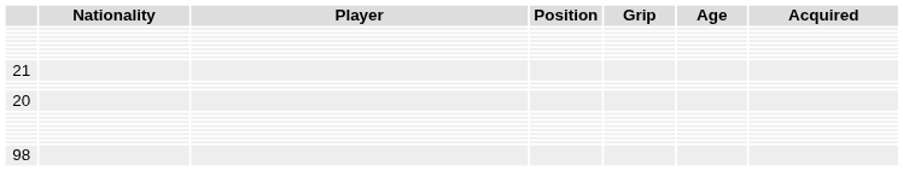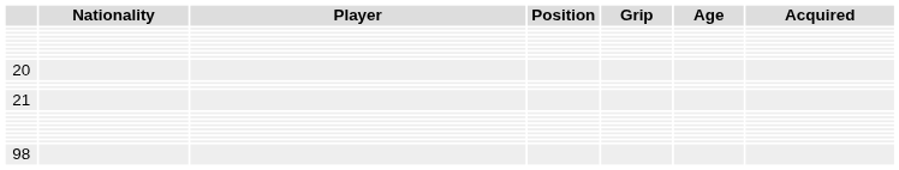 <table class="sortable" style="background:transparent;align:center">
 <tr style="background-color:#dddddd;">
 <th width=30em data-sort-type="number"></th>
 <th width=150em>Nationality</th>
 <th width=350em>Player</th>
 <th width=70em>Position</th>
 <th width=70em>Grip</th>
 <th width=70em>Age</th>
 <th width=150em>Acquired</th>
 </tr>
 <tr style="text-align:center;background-color:#eeeeee">
 <td></td>
 <td style="text-align:left;padding-left:1em;"></td>
 <td style="text-align:left;padding-left:1em;"></td>
 <td></td>
 <td></td>
 <td></td>
 <td></td>
 </tr>
 <tr style="text-align:center;background-color:#eeeeee">
 <td></td>
 <td style="text-align:left;padding-left:1em;"></td>
 <td style="text-align:left;padding-left:1em;"></td>
 <td></td>
 <td></td>
 <td></td>
 <td></td>
 </tr>
 <tr style="text-align:center;background-color:#eeeeee">
 <td></td>
 <td style="text-align:left;padding-left:1em;"></td>
 <td style="text-align:left;padding-left:1em;"></td>
 <td></td>
 <td></td>
 <td></td>
 <td></td>
 </tr>
 <tr style="text-align:center;background-color:#eeeeee">
 <td></td>
 <td style="text-align:left;padding-left:1em;"></td>
 <td style="text-align:left;padding-left:1em;"></td>
 <td></td>
 <td></td>
 <td></td>
 <td></td>
 </tr>
 <tr style="text-align:center;background-color:#eeeeee">
 <td></td>
 <td style="text-align:left;padding-left:1em;"></td>
 <td style="text-align:left;padding-left:1em;"></td>
 <td></td>
 <td></td>
 <td></td>
 <td></td>
 </tr>
 <tr style="text-align:center;background-color:#eeeeee">
 <td></td>
 <td style="text-align:left;padding-left:1em;"></td>
 <td style="text-align:left;padding-left:1em;"></td>
 <td></td>
 <td></td>
 <td></td>
 <td></td>
 </tr>
 <tr style="text-align:center;background-color:#eeeeee">
 <td></td>
 <td style="text-align:left;padding-left:1em;"></td>
 <td style="text-align:left;padding-left:1em;"></td>
 <td></td>
 <td></td>
 <td></td>
 <td></td>
 </tr>
 <tr style="text-align:center;background-color:#eeeeee">
 <td></td>
 <td style="text-align:left;padding-left:1em;"></td>
 <td style="text-align:left;padding-left:1em;"></td>
 <td></td>
 <td></td>
 <td></td>
 <td></td>
 </tr>
 <tr style="text-align:center;background-color:#eeeeee">
-<td>21</td>
+<td>20</td>
 <td style="text-align:left;padding-left:1em;"></td>
 <td style="text-align:left;padding-left:1em;"></td>
 <td></td>
 <td></td>
 <td></td>
 <td></td>
 </tr>
 <tr style="text-align:center;background-color:#eeeeee">
 <td></td>
 <td style="text-align:left;padding-left:1em;"></td>
 <td style="text-align:left;padding-left:1em;"></td>
 <td></td>
 <td></td>
 <td></td>
 <td></td>
 </tr>
 <tr style="text-align:center;background-color:#eeeeee">
 <td></td>
 <td style="text-align:left;padding-left:1em;"></td>
 <td style="text-align:left;padding-left:1em;"></td>
 <td></td>
 <td></td>
 <td></td>
 <td></td>
 </tr>
 <tr style="text-align:center;background-color:#eeeeee">
-<td>20</td>
+<td>21</td>
 <td style="text-align:left;padding-left:1em;"></td>
 <td style="text-align:left;padding-left:1em;"></td>
 <td></td>
 <td></td>
 <td></td>
 <td></td>
 </tr>
 <tr style="text-align:center;background-color:#eeeeee">
 <td></td>
 <td style="text-align:left;padding-left:1em;"></td>
 <td style="text-align:left;padding-left:1em;"></td>
 <td></td>
 <td></td>
 <td></td>
 <td></td>
 </tr>
 <tr style="text-align:center;background-color:#eeeeee">
 <td></td>
 <td style="text-align:left;padding-left:1em;"></td>
 <td style="text-align:left;padding-left:1em;"></td>
 <td></td>
 <td></td>
 <td></td>
 <td></td>
 </tr>
 <tr style="text-align:center;background-color:#eeeeee">
 <td></td>
 <td style="text-align:left;padding-left:1em;"></td>
 <td style="text-align:left;padding-left:1em;"></td>
 <td></td>
 <td></td>
 <td></td>
 <td></td>
 </tr>
 <tr style="text-align:center;background-color:#eeeeee">
 <td></td>
 <td style="text-align:left;padding-left:1em;"></td>
 <td style="text-align:left;padding-left:1em;"></td>
 <td></td>
 <td></td>
 <td></td>
 <td></td>
 </tr>
 <tr style="text-align:center;background-color:#eeeeee">
 <td></td>
 <td style="text-align:left;padding-left:1em;"></td>
 <td style="text-align:left;padding-left:1em;"></td>
 <td></td>
 <td></td>
 <td></td>
 <td></td>
 </tr>
 <tr style="text-align:center;background-color:#eeeeee">
 <td></td>
 <td style="text-align:left;padding-left:1em;"></td>
 <td style="text-align:left;padding-left:1em;"></td>
 <td></td>
 <td></td>
 <td></td>
 <td></td>
 </tr>
 <tr style="text-align:center;background-color:#eeeeee">
 <td></td>
 <td style="text-align:left;padding-left:1em;"></td>
 <td style="text-align:left;padding-left:1em;"></td>
 <td></td>
 <td></td>
 <td></td>
 <td></td>
 </tr>
 <tr style="text-align:center;background-color:#eeeeee">
 <td></td>
 <td style="text-align:left;padding-left:1em;"></td>
 <td style="text-align:left;padding-left:1em;"></td>
 <td></td>
 <td></td>
 <td></td>
 <td></td>
 </tr>
 <tr style="text-align:center;background-color:#eeeeee">
 <td>98</td>
 <td style="text-align:left;padding-left:1em;"></td>
 <td style="text-align:left;padding-left:1em;"></td>
 <td></td>
 <td></td>
 <td></td>
 <td></td>
 </tr>
 </table>
